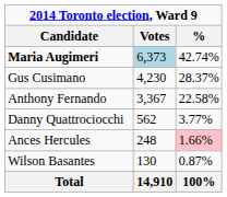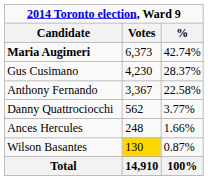 <table class="wikitable">
 <tr>
 <td Colspan="3" align="center"><strong><a href='#'>2014 Toronto election</a>, Ward 9</strong></td>
 </tr>
 <tr>
 <th width="150px">Candidate</th>
 <th>Votes</th>
 <th>%</th>
 </tr>
 <tr>
 <td><strong>Maria Augimeri</strong></td>
-<td style="background: lightblue;">6,373</td>
+<td>6,373</td>
 <td>42.74%</td>
 </tr>
 <tr>
 <td>Gus Cusimano</td>
 <td>4,230</td>
 <td>28.37%</td>
 </tr>
 <tr>
 <td>Anthony Fernando</td>
 <td>3,367</td>
 <td>22.58%</td>
 </tr>
 <tr>
 <td>Danny Quattrociocchi</td>
 <td>562</td>
 <td>3.77%</td>
 </tr>
 <tr>
 <td>Ances Hercules</td>
 <td>248</td>
-<td style="background: pink;">1.66%</td>
+<td>1.66%</td>
 </tr>
 <tr>
 <td>Wilson Basantes</td>
-<td>130</td>
+<td style="background: gold;">130</td>
 <td>0.87%</td>
 </tr>
 <tr>
 <th>Total</th>
 <th>14,910</th>
 <th>100%</th>
 </tr>
 </table>
